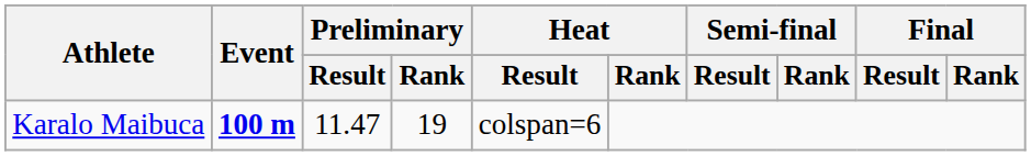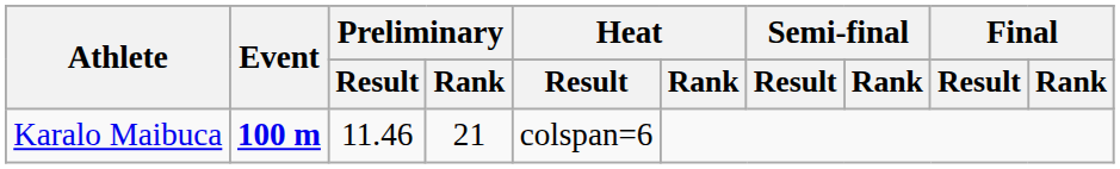 <table class=wikitable style=font-size:90%>
 <tr>
 <th rowspan=2>Athlete</th>
 <th rowspan=2>Event</th>
 <th colspan=2>Preliminary</th>
 <th colspan=2>Heat</th>
 <th colspan=2>Semi-final</th>
 <th colspan=2>Final</th>
 </tr>
 <tr style=font-size:95%>
 <th>Result</th>
 <th>Rank</th>
 <th>Result</th>
 <th>Rank</th>
 <th>Result</th>
 <th>Rank</th>
 <th>Result</th>
 <th>Rank</th>
 </tr>
 <tr align=center>
 <td align=left><a href='#'>Karalo Maibuca</a></td>
 <td align=left><strong><a href='#'>100 m</a></strong></td>
-<td>11.47</td>
-<td>19</td>
+<td>11.46</td>
+<td>21</td>
 <td>colspan=6 </td>
 </tr>
 </table>
